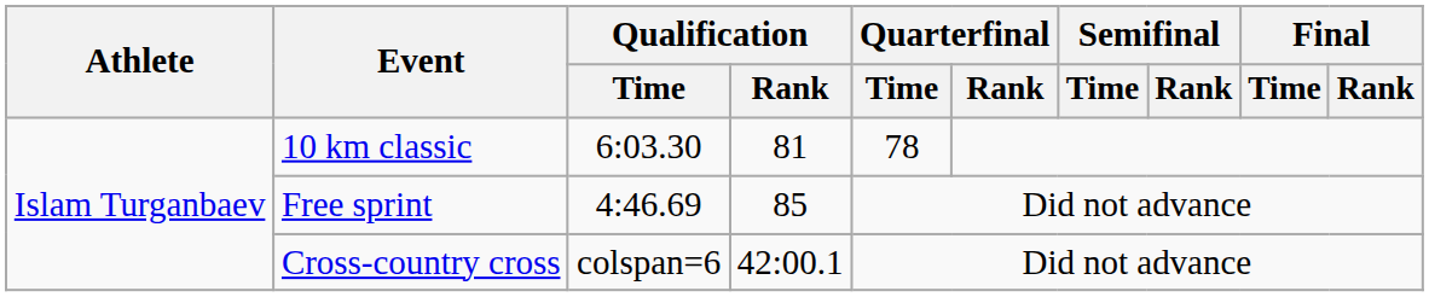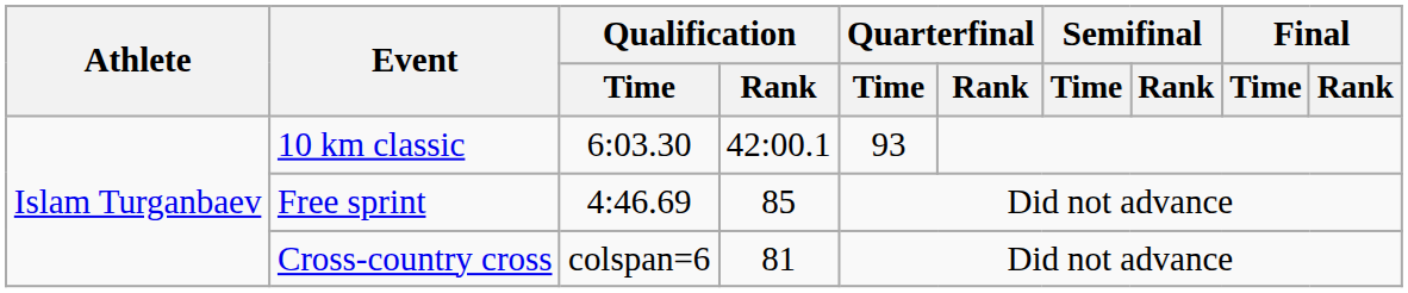 <table class="wikitable" style="font-size:90%">
 <tr>
 <th rowspan="2">Athlete</th>
 <th rowspan="2">Event</th>
 <th colspan="2">Qualification</th>
 <th colspan="2">Quarterfinal</th>
 <th colspan="2">Semifinal</th>
 <th colspan="2">Final</th>
 </tr>
 <tr style="font-size:95%">
 <th>Time</th>
 <th>Rank</th>
 <th>Time</th>
 <th>Rank</th>
 <th>Time</th>
 <th>Rank</th>
 <th>Time</th>
 <th>Rank</th>
 </tr>
 <tr align=center>
 <td align=left rowspan=3><a href='#'>Islam Turganbaev</a></td>
 <td align=left><a href='#'>10 km classic</a></td>
 <td>6:03.30</td>
-<td>81</td>
-<td>78</td>
+<td>42:00.1</td>
+<td>93</td>
 </tr>
 <tr align=center>
 <td align=left><a href='#'>Free sprint</a></td>
 <td>4:46.69</td>
 <td>85</td>
 <td colspan="6">Did not advance</td>
 </tr>
 <tr align=center>
 <td align=left><a href='#'>Cross-country cross</a></td>
 <td>colspan=6 </td>
-<td>42:00.1</td>
+<td>81</td>
 <td colspan="6">Did not advance</td>
 </tr>
 </table>
